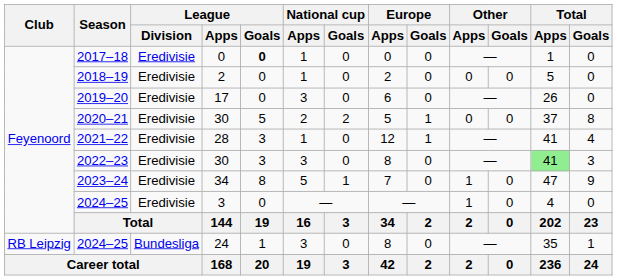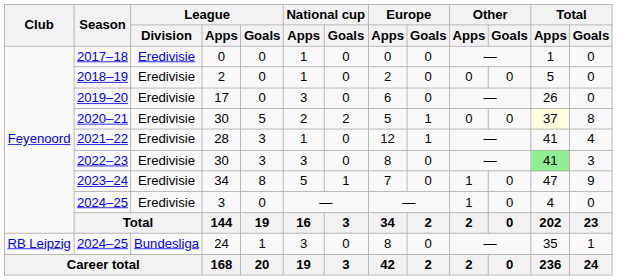 <table class="wikitable" style="text-align:center">
 <tr>
 <th rowspan="2">Club</th>
 <th rowspan="2">Season</th>
 <th colspan="3">League</th>
 <th colspan="2">National cup</th>
 <th colspan="2">Europe</th>
 <th colspan="2">Other</th>
 <th colspan="2">Total</th>
 </tr>
 <tr>
 <th>Division</th>
 <th>Apps</th>
 <th>Goals</th>
 <th>Apps</th>
 <th>Goals</th>
 <th>Apps</th>
 <th>Goals</th>
 <th>Apps</th>
 <th>Goals</th>
 <th>Apps</th>
 <th>Goals</th>
 </tr>
 <tr>
 <td rowspan="9"><a href='#'>Feyenoord</a></td>
 <td><a href='#'>2017–18</a></td>
 <td><a href='#'>Eredivisie</a></td>
 <td>0</td>
-<td><strong>0</strong></td>
+<td>0</td>
 <td>1</td>
 <td>0</td>
 <td>0</td>
 <td>0</td>
 <td colspan="2">—</td>
 <td>1</td>
 <td>0</td>
 </tr>
 <tr>
 <td><a href='#'>2018–19</a></td>
 <td>Eredivisie</td>
 <td>2</td>
 <td>0</td>
 <td>1</td>
 <td>0</td>
 <td>2</td>
 <td>0</td>
 <td>0</td>
 <td>0</td>
 <td>5</td>
 <td>0</td>
 </tr>
 <tr>
 <td><a href='#'>2019–20</a></td>
 <td>Eredivisie</td>
 <td>17</td>
 <td>0</td>
 <td>3</td>
 <td>0</td>
 <td>6</td>
 <td>0</td>
 <td colspan="2">—</td>
 <td>26</td>
 <td>0</td>
 </tr>
 <tr>
 <td><a href='#'>2020–21</a></td>
 <td>Eredivisie</td>
 <td>30</td>
 <td>5</td>
 <td>2</td>
 <td>2</td>
 <td>5</td>
 <td>1</td>
 <td>0</td>
 <td>0</td>
-<td>37</td>
+<td style="background: lightyellow;">37</td>
 <td>8</td>
 </tr>
 <tr>
 <td><a href='#'>2021–22</a></td>
 <td>Eredivisie</td>
 <td>28</td>
 <td>3</td>
 <td>1</td>
 <td>0</td>
 <td>12</td>
 <td>1</td>
 <td colspan="2">—</td>
 <td>41</td>
 <td>4</td>
 </tr>
 <tr>
 <td><a href='#'>2022–23</a></td>
 <td>Eredivisie</td>
 <td>30</td>
 <td>3</td>
 <td>3</td>
 <td>0</td>
 <td>8</td>
 <td>0</td>
 <td colspan="2">—</td>
 <td style="background: lightgreen;">41</td>
 <td>3</td>
 </tr>
 <tr>
 <td><a href='#'>2023–24</a></td>
 <td>Eredivisie</td>
 <td>34</td>
 <td>8</td>
 <td>5</td>
 <td>1</td>
 <td>7</td>
 <td>0</td>
 <td>1</td>
 <td>0</td>
 <td>47</td>
 <td>9</td>
 </tr>
 <tr>
 <td><a href='#'>2024–25</a></td>
 <td>Eredivisie</td>
 <td>3</td>
 <td>0</td>
 <td colspan="2">—</td>
 <td colspan="2">—</td>
 <td>1</td>
 <td>0</td>
 <td>4</td>
 <td>0</td>
 </tr>
 <tr>
 <th colspan="2">Total</th>
 <th>144</th>
 <th>19</th>
 <th>16</th>
 <th>3</th>
 <th>34</th>
 <th>2</th>
 <th>2</th>
 <th>0</th>
 <th>202</th>
 <th>23</th>
 </tr>
 <tr>
 <td><a href='#'>RB Leipzig</a></td>
 <td><a href='#'>2024–25</a></td>
 <td><a href='#'>Bundesliga</a></td>
 <td>24</td>
 <td>1</td>
 <td>3</td>
 <td>0</td>
 <td>8</td>
 <td>0</td>
 <td colspan="2">—</td>
 <td>35</td>
 <td>1</td>
 </tr>
 <tr>
 <th colspan="3">Career total</th>
 <th>168</th>
 <th>20</th>
 <th>19</th>
 <th>3</th>
 <th>42</th>
 <th>2</th>
 <th>2</th>
 <th>0</th>
 <th>236</th>
 <th>24</th>
 </tr>
 </table>
